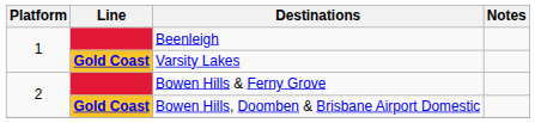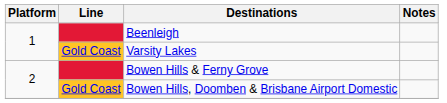 <table class="wikitable" style="float: none; margin: 0.5em; ">
 <tr>
 <th>Platform</th>
 <th>Line</th>
 <th>Destinations</th>
 <th>Notes</th>
 </tr>
 <tr>
 <td rowspan=2 style="text-align:center;">1</td>
 <td style="background:#E31836"><a href='#'></a></td>
 <td><a href='#'>Beenleigh</a></td>
 <td></td>
 </tr>
 <tr>
-<td style="background:#FFC425"><strong><a href='#'><span>Gold Coast</span></a></strong></td>
+<td style="background:#FFC425"><a href='#'><span>Gold Coast</span></a></td>
 <td><a href='#'>Varsity Lakes</a></td>
 <td></td>
 </tr>
 <tr>
 <td rowspan=2 style="text-align:center;">2</td>
 <td style="background:#E31836"><a href='#'></a></td>
 <td><a href='#'>Bowen Hills</a> & <a href='#'>Ferny Grove</a></td>
 <td></td>
 </tr>
 <tr>
-<td style="background:#FFC425"><strong><a href='#'><span>Gold Coast</span></a></strong></td>
+<td style="background:#FFC425"><a href='#'><span>Gold Coast</span></a></td>
 <td><a href='#'>Bowen Hills</a>, <a href='#'>Doomben</a> & <a href='#'>Brisbane Airport Domestic</a></td>
 <td></td>
 </tr>
 <tr>
 </tr>
 </table>
